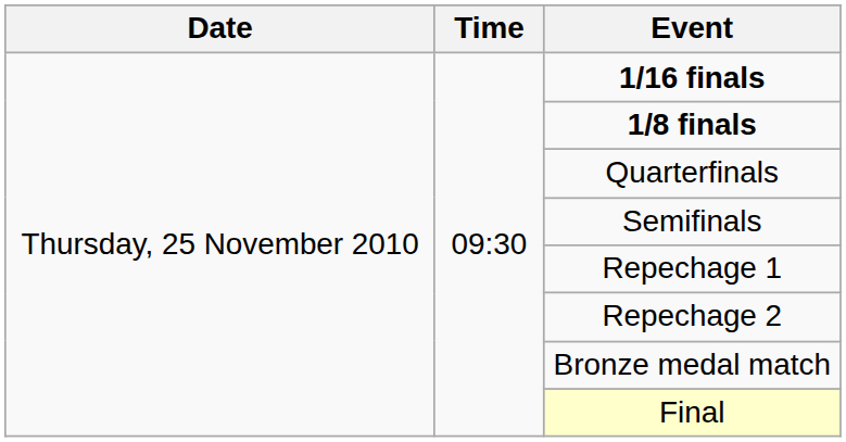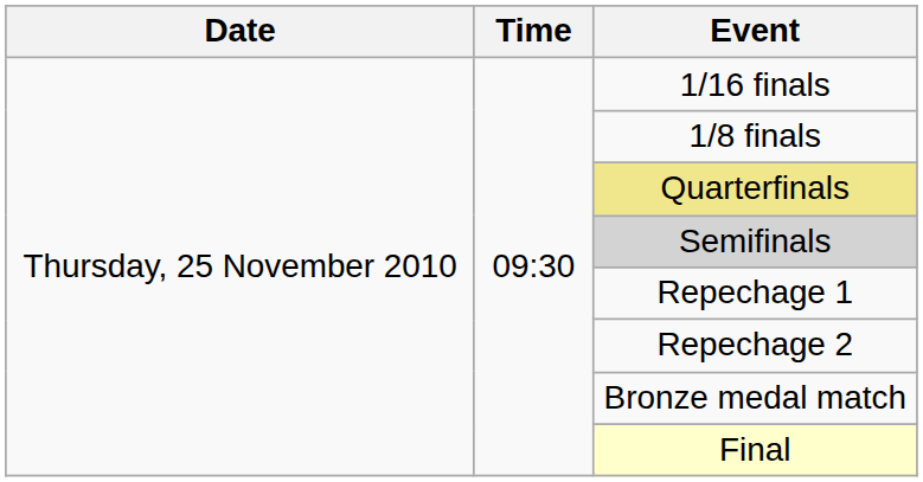 <table class = "wikitable" style="text-align:center;">
 <tr>
 <th width=220>Date</th>
 <th width=50>Time</th>
 <th width=150>Event</th>
 </tr>
 <tr>
 <td rowspan=8>Thursday, 25 November 2010</td>
 <td rowspan=8>09:30</td>
-<td><strong>1/16 finals</strong></td>
+<td>1/16 finals</td>
 </tr>
 <tr>
-<td><strong>1/8 finals</strong></td>
+<td>1/8 finals</td>
 </tr>
 <tr>
-<td>Quarterfinals</td>
+<td style="background: khaki;">Quarterfinals</td>
 </tr>
 <tr>
-<td>Semifinals</td>
+<td style="background: lightgrey;">Semifinals</td>
 </tr>
 <tr>
 <td>Repechage 1</td>
 </tr>
 <tr>
 <td>Repechage 2</td>
 </tr>
 <tr>
 <td>Bronze medal match</td>
 </tr>
 <tr>
 <td bgcolor=ffffcc>Final</td>
 </tr>
 </table>
